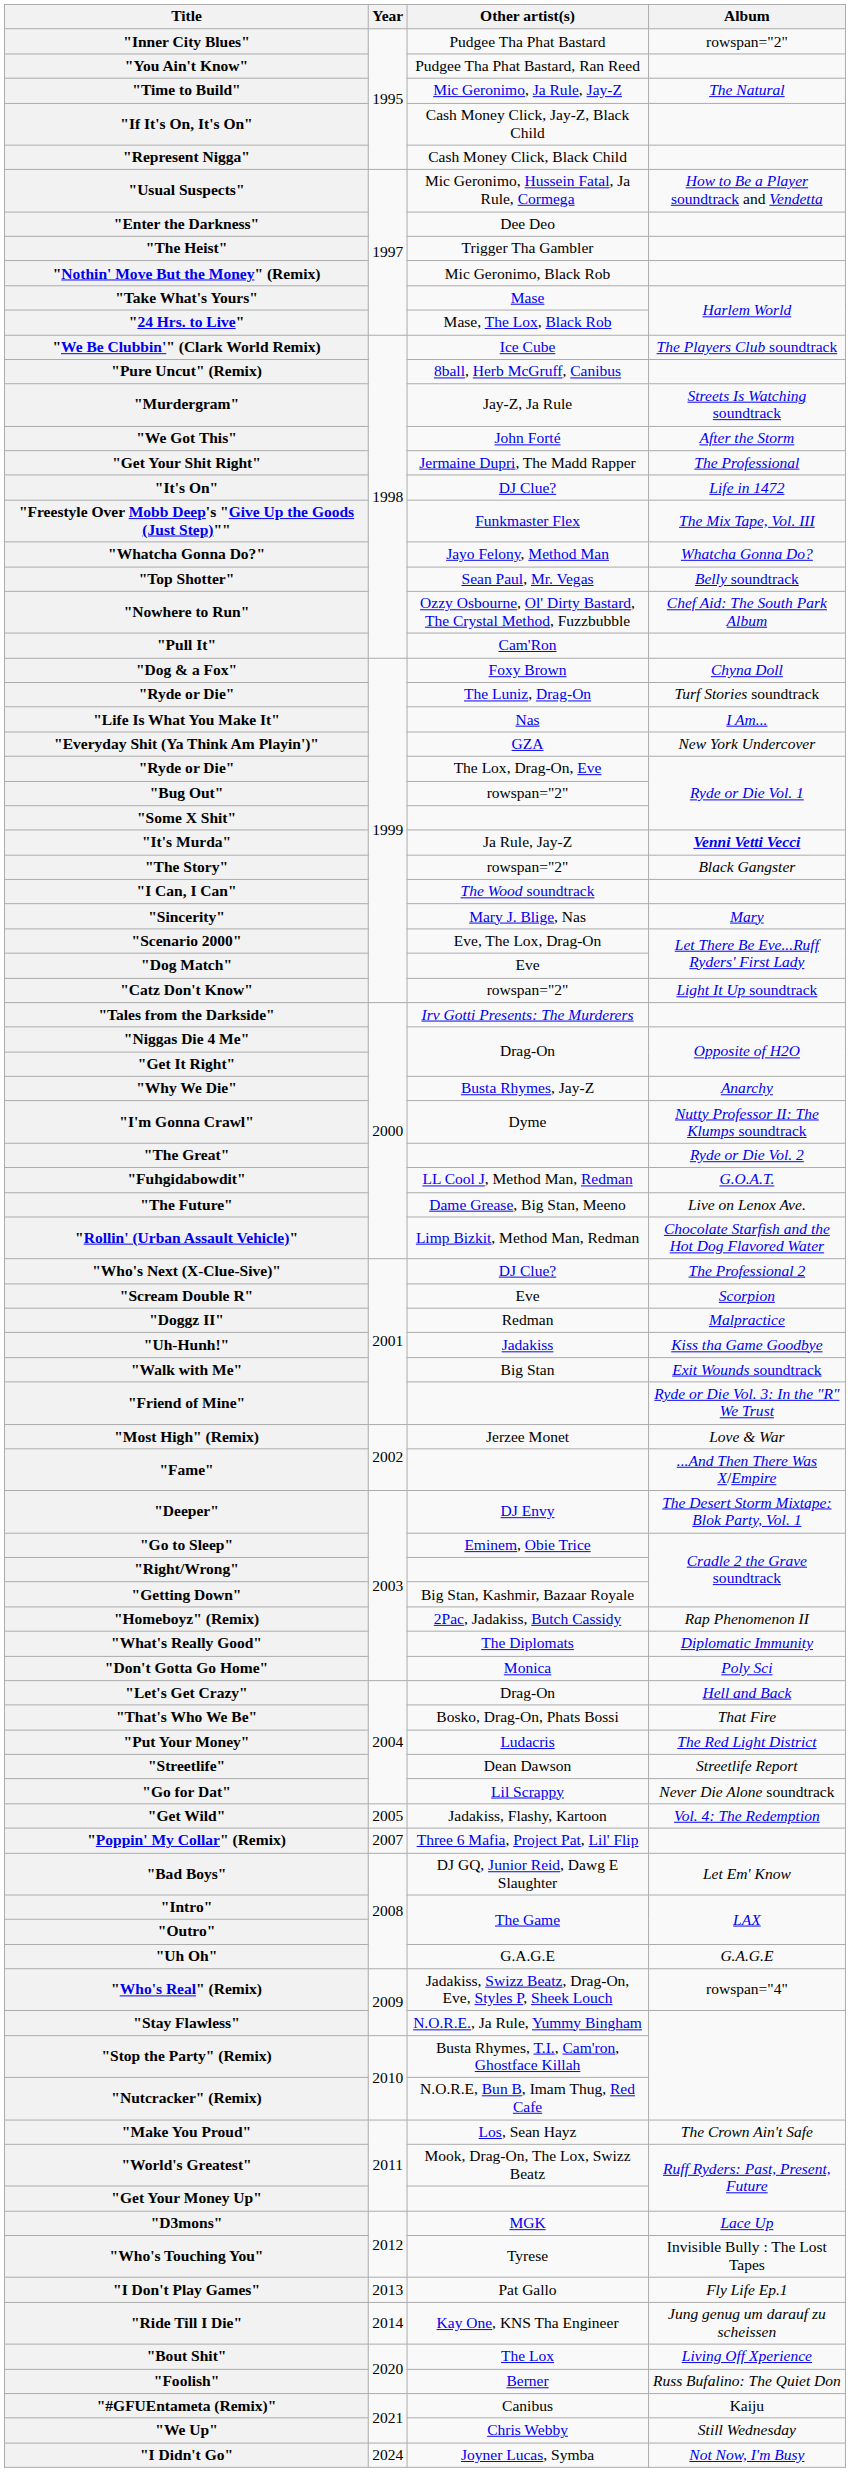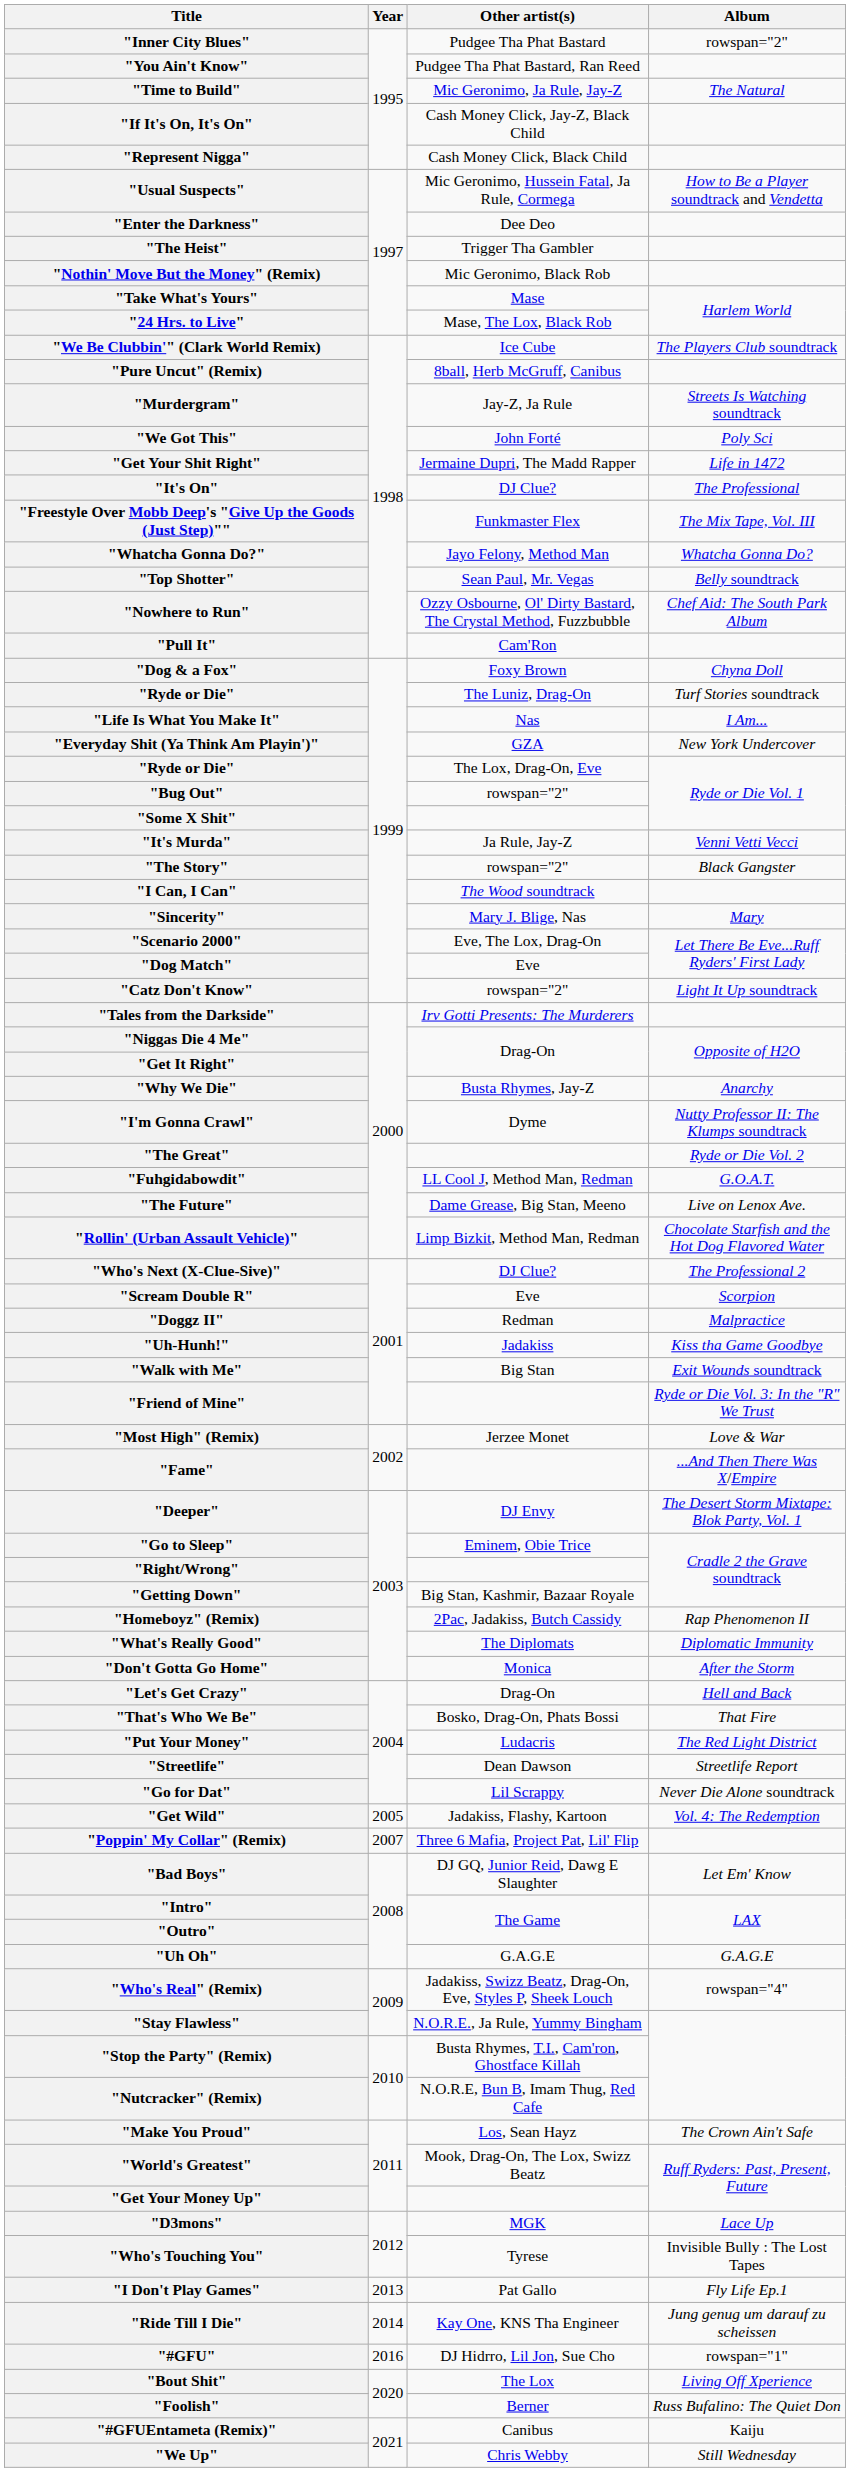 <table class="wikitable plainrowheaders" style="text-align:center;">
 <tr>
 <th scope="col" style="width:23em;">Title</th>
 <th scope="col">Year</th>
 <th scope="col">Other artist(s)</th>
 <th scope="col">Album</th>
 </tr>
 <tr>
 <th scope="row">"Inner City Blues"</th>
 <td rowspan="5">1995</td>
 <td>Pudgee Tha Phat Bastard</td>
 <td>rowspan="2" </td>
 </tr>
 <tr>
 <th scope="row">"You Ain't Know"</th>
 <td>Pudgee Tha Phat Bastard, Ran Reed</td>
 </tr>
 <tr>
 <th scope="row">"Time to Build"</th>
 <td><a href='#'>Mic Geronimo</a>, <a href='#'>Ja Rule</a>, <a href='#'>Jay-Z</a></td>
 <td><em><a href='#'>The Natural</a></em></td>
 </tr>
 <tr>
 <th scope="row">"If It's On, It's On"</th>
 <td>Cash Money Click, Jay-Z, Black Child</td>
 <td></td>
 </tr>
 <tr>
 <th scope="row">"Represent Nigga"</th>
 <td>Cash Money Click, Black Child</td>
 <td></td>
 </tr>
 <tr>
 <th scope="row">"Usual Suspects"</th>
 <td rowspan="6">1997</td>
 <td>Mic Geronimo, <a href='#'>Hussein Fatal</a>, Ja Rule, <a href='#'>Cormega</a></td>
 <td><a href='#'><em>How to Be a Player</em> soundtrack</a> and <em><a href='#'>Vendetta</a></em></td>
 </tr>
 <tr>
 <th scope="row">"Enter the Darkness"</th>
 <td>Dee Deo</td>
 <td></td>
 </tr>
 <tr>
 <th scope="row">"The Heist"</th>
 <td>Trigger Tha Gambler</td>
 <td></td>
 </tr>
 <tr>
 <th scope="row">"<a href='#'>Nothin' Move But the Money</a>" (Remix)</th>
 <td>Mic Geronimo, Black Rob</td>
 <td></td>
 </tr>
 <tr>
 <th scope="row">"Take What's Yours"</th>
 <td><a href='#'>Mase</a></td>
 <td rowspan="2"><em><a href='#'>Harlem World</a></em></td>
 </tr>
 <tr>
 <th scope="row">"<a href='#'>24 Hrs. to Live</a>"</th>
 <td>Mase, <a href='#'>The Lox</a>, <a href='#'>Black Rob</a></td>
 </tr>
 <tr>
 <th scope="row">"<a href='#'>We Be Clubbin'</a>" (Clark World Remix)</th>
 <td rowspan="11">1998</td>
 <td><a href='#'>Ice Cube</a></td>
 <td><a href='#'><em>The Players Club</em> soundtrack</a></td>
 </tr>
 <tr>
 <th scope="row">"Pure Uncut" (Remix)</th>
 <td><a href='#'>8ball</a>, <a href='#'>Herb McGruff</a>, <a href='#'>Canibus</a></td>
 <td></td>
 </tr>
 <tr>
 <th scope="row">"Murdergram"</th>
 <td>Jay-Z, Ja Rule</td>
 <td><a href='#'><em>Streets Is Watching</em> soundtrack</a></td>
 </tr>
 <tr>
 <th scope="row">"We Got This"</th>
 <td><a href='#'>John Forté</a></td>
-<td><em><a href='#'>After the Storm</a></em></td>
+<td><em><a href='#'>Poly Sci</a></em></td>
 </tr>
 <tr>
 <th scope="row">"Get Your Shit Right"</th>
 <td><a href='#'>Jermaine Dupri</a>, The Madd Rapper</td>
-<td><em><a href='#'>The Professional</a></em></td>
+<td><em><a href='#'>Life in 1472</a></em></td>
 </tr>
 <tr>
 <th scope="row">"It's On"</th>
 <td><a href='#'>DJ Clue?</a></td>
-<td><em><a href='#'>Life in 1472</a></em></td>
+<td><em><a href='#'>The Professional</a></em></td>
 </tr>
 <tr>
 <th scope="row">"Freestyle Over <a href='#'>Mobb Deep</a>'s "<a href='#'>Give Up the Goods (Just Step)</a>""</th>
 <td><a href='#'>Funkmaster Flex</a></td>
 <td><em><a href='#'>The Mix Tape, Vol. III</a></em></td>
 </tr>
 <tr>
 <th scope="row">"Whatcha Gonna Do?"</th>
 <td><a href='#'>Jayo Felony</a>, <a href='#'>Method Man</a></td>
 <td><em><a href='#'>Whatcha Gonna Do?</a></em></td>
 </tr>
 <tr>
 <th scope="row">"Top Shotter"</th>
 <td><a href='#'>Sean Paul</a>, <a href='#'>Mr. Vegas</a></td>
 <td><a href='#'><em>Belly</em> soundtrack</a></td>
 </tr>
 <tr>
 <th scope="row">"Nowhere to Run"</th>
 <td><a href='#'>Ozzy Osbourne</a>, <a href='#'>Ol' Dirty Bastard</a>, <a href='#'>The Crystal Method</a>, Fuzzbubble</td>
 <td><em><a href='#'>Chef Aid: The South Park Album</a></em></td>
 </tr>
 <tr>
 <th scope="row">"Pull It"</th>
 <td><a href='#'>Cam'Ron</a></td>
 <td></td>
 </tr>
 <tr>
 <th scope="row">"Dog & a Fox"</th>
 <td rowspan="14">1999</td>
 <td><a href='#'>Foxy Brown</a></td>
 <td><em><a href='#'>Chyna Doll</a></em></td>
 </tr>
 <tr>
 <th scope="row">"Ryde or Die"</th>
 <td><a href='#'>The Luniz</a>, <a href='#'>Drag-On</a></td>
 <td><em>Turf Stories</em> soundtrack</td>
 </tr>
 <tr>
 <th scope="row">"Life Is What You Make It"</th>
 <td><a href='#'>Nas</a></td>
 <td><em><a href='#'>I Am...</a></em></td>
 </tr>
 <tr>
 <th scope="row">"Everyday Shit (Ya Think Am Playin')"</th>
 <td><a href='#'>GZA</a></td>
 <td><em>New York Undercover</em></td>
 </tr>
 <tr>
 <th scope="row">"Ryde or Die"</th>
 <td>The Lox, Drag-On, <a href='#'>Eve</a></td>
 <td rowspan="3"><em><a href='#'>Ryde or Die Vol. 1</a></em></td>
 </tr>
 <tr>
 <th scope="row">"Bug Out"</th>
 <td>rowspan="2" </td>
 </tr>
 <tr>
 <th scope="row">"Some X Shit"</th>
 </tr>
 <tr>
 <th scope="row">"It's Murda"</th>
 <td>Ja Rule, Jay-Z</td>
-<td><strong><em><a href='#'>Venni Vetti Vecci</a></em></strong></td>
+<td><em><a href='#'>Venni Vetti Vecci</a></em></td>
 </tr>
 <tr>
 <th scope="row">"The Story"</th>
 <td>rowspan="2" </td>
 <td><em>Black Gangster</em></td>
 </tr>
 <tr>
 <th scope="row">"I Can, I Can"</th>
 <td><a href='#'><em>The Wood</em> soundtrack</a></td>
 </tr>
 <tr>
 <th scope="row">"Sincerity"</th>
 <td><a href='#'>Mary J. Blige</a>, Nas</td>
 <td><em><a href='#'>Mary</a></em></td>
 </tr>
 <tr>
 <th scope="row">"Scenario 2000"</th>
 <td>Eve, The Lox, Drag-On</td>
 <td rowspan="2"><em><a href='#'>Let There Be Eve...Ruff Ryders' First Lady</a></em></td>
 </tr>
 <tr>
 <th scope="row">"Dog Match"</th>
 <td>Eve</td>
 </tr>
 <tr>
 <th scope="row">"Catz Don't Know"</th>
 <td>rowspan="2" </td>
 <td><a href='#'><em>Light It Up</em> soundtrack</a></td>
 </tr>
 <tr>
 <th scope="row">"Tales from the Darkside"</th>
 <td rowspan="9">2000</td>
 <td><em><a href='#'>Irv Gotti Presents: The Murderers</a></em></td>
 </tr>
 <tr>
 <th scope="row">"Niggas Die 4 Me"</th>
 <td rowspan="2">Drag-On</td>
 <td rowspan="2"><em><a href='#'>Opposite of H2O</a></em></td>
 </tr>
 <tr>
 <th scope="row">"Get It Right"</th>
 </tr>
 <tr>
 <th scope="row">"Why We Die"</th>
 <td><a href='#'>Busta Rhymes</a>, Jay-Z</td>
 <td><em><a href='#'>Anarchy</a></em></td>
 </tr>
 <tr>
 <th scope="row">"I'm Gonna Crawl"</th>
 <td>Dyme</td>
 <td><a href='#'><em>Nutty Professor II: The Klumps</em> soundtrack</a></td>
 </tr>
 <tr>
 <th scope="row">"The Great"</th>
 <td></td>
 <td><em><a href='#'>Ryde or Die Vol. 2</a></em></td>
 </tr>
 <tr>
 <th scope="row">"Fuhgidabowdit"</th>
 <td><a href='#'>LL Cool J</a>, Method Man, <a href='#'>Redman</a></td>
 <td><em><a href='#'>G.O.A.T.</a></em></td>
 </tr>
 <tr>
 <th scope="row">"The Future"</th>
 <td><a href='#'>Dame Grease</a>, Big Stan, Meeno</td>
 <td><em>Live on Lenox Ave.</em></td>
 </tr>
 <tr>
 <th scope="row">"<a href='#'>Rollin' (Urban Assault Vehicle)</a>"</th>
 <td><a href='#'>Limp Bizkit</a>, Method Man, Redman</td>
 <td><em><a href='#'>Chocolate Starfish and the Hot Dog Flavored Water</a></em></td>
 </tr>
 <tr>
 <th scope="row">"Who's Next (X-Clue-Sive)"</th>
 <td rowspan="6">2001</td>
 <td><a href='#'>DJ Clue?</a></td>
 <td><em><a href='#'>The Professional 2</a></em></td>
 </tr>
 <tr>
 <th scope="row">"Scream Double R"</th>
 <td>Eve</td>
 <td><em><a href='#'>Scorpion</a></em></td>
 </tr>
 <tr>
 <th scope="row">"Doggz II"</th>
 <td>Redman</td>
 <td><em><a href='#'>Malpractice</a></em></td>
 </tr>
 <tr>
 <th scope="row">"Uh-Hunh!"</th>
 <td><a href='#'>Jadakiss</a></td>
 <td><em><a href='#'>Kiss tha Game Goodbye</a></em></td>
 </tr>
 <tr>
 <th scope="row">"Walk with Me"</th>
 <td>Big Stan</td>
 <td><a href='#'><em>Exit Wounds</em> soundtrack</a></td>
 </tr>
 <tr>
 <th scope="row">"Friend of Mine"</th>
 <td></td>
 <td><em><a href='#'>Ryde or Die Vol. 3: In the "R" We Trust</a></em></td>
 </tr>
 <tr>
 <th scope="row">"Most High" (Remix)</th>
 <td rowspan="2">2002</td>
 <td>Jerzee Monet</td>
 <td><em>Love & War</em></td>
 </tr>
 <tr>
 <th scope="row">"Fame"</th>
 <td></td>
 <td><em><a href='#'>...And Then There Was X</a></em>/<em><a href='#'>Empire</a></em></td>
 </tr>
 <tr>
 <th scope="row">"Deeper"</th>
 <td rowspan="7">2003</td>
 <td><a href='#'>DJ Envy</a></td>
 <td><em><a href='#'>The Desert Storm Mixtape: Blok Party, Vol. 1</a></em></td>
 </tr>
 <tr>
 <th scope="row">"Go to Sleep"</th>
 <td><a href='#'>Eminem</a>, <a href='#'>Obie Trice</a></td>
 <td rowspan="3"><a href='#'><em>Cradle 2 the Grave</em> soundtrack</a></td>
 </tr>
 <tr>
 <th scope="row">"Right/Wrong"</th>
 <td></td>
 </tr>
 <tr>
 <th scope="row">"Getting Down"</th>
 <td>Big Stan, Kashmir, Bazaar Royale</td>
 </tr>
 <tr>
 <th scope="row">"Homeboyz" (Remix)</th>
 <td><a href='#'>2Pac</a>, Jadakiss, <a href='#'>Butch Cassidy</a></td>
 <td><em>Rap Phenomenon II</em></td>
 </tr>
 <tr>
 <th scope="row">"What's Really Good"</th>
 <td><a href='#'>The Diplomats</a></td>
 <td><em><a href='#'>Diplomatic Immunity</a></em></td>
 </tr>
 <tr>
 <th scope="row">"Don't Gotta Go Home"</th>
 <td><a href='#'>Monica</a></td>
-<td><em><a href='#'>Poly Sci</a></em></td>
+<td><em><a href='#'>After the Storm</a></em></td>
 </tr>
 <tr>
 <th scope="row">"Let's Get Crazy"</th>
 <td rowspan="5">2004</td>
 <td>Drag-On</td>
 <td><em><a href='#'>Hell and Back</a></em></td>
 </tr>
 <tr>
 <th scope="row">"That's Who We Be"</th>
 <td>Bosko, Drag-On, Phats Bossi</td>
 <td><em>That Fire</em></td>
 </tr>
 <tr>
 <th scope="row">"Put Your Money"</th>
 <td><a href='#'>Ludacris</a></td>
 <td><em><a href='#'>The Red Light District</a></em></td>
 </tr>
 <tr>
 <th scope="row">"Streetlife"</th>
 <td>Dean Dawson</td>
 <td><em>Streetlife Report</em></td>
 </tr>
 <tr>
 <th scope="row">"Go for Dat"</th>
 <td><a href='#'>Lil Scrappy</a></td>
 <td><em>Never Die Alone</em> soundtrack</td>
 </tr>
 <tr>
 <th scope="row">"Get Wild"</th>
 <td>2005</td>
 <td>Jadakiss, Flashy, Kartoon</td>
 <td><em><a href='#'>Vol. 4: The Redemption</a></em></td>
 </tr>
 <tr>
 <th scope="row">"<a href='#'>Poppin' My Collar</a>" (Remix)</th>
 <td>2007</td>
 <td><a href='#'>Three 6 Mafia</a>, <a href='#'>Project Pat</a>, <a href='#'>Lil' Flip</a></td>
 <td></td>
 </tr>
 <tr>
 <th scope="row">"Bad Boys"</th>
 <td rowspan="4">2008</td>
 <td>DJ GQ, <a href='#'>Junior Reid</a>, Dawg E Slaughter</td>
 <td><em>Let Em' Know</em></td>
 </tr>
 <tr>
 <th scope="row">"Intro"</th>
 <td rowspan="2"><a href='#'>The Game</a></td>
 <td rowspan="2"><em><a href='#'>LAX</a></em></td>
 </tr>
 <tr>
 <th scope="row">"Outro"</th>
 </tr>
 <tr>
 <th scope="row">"Uh Oh"</th>
 <td>G.A.G.E</td>
 <td><em>G.A.G.E</em></td>
 </tr>
 <tr>
 <th scope="row">"<a href='#'>Who's Real</a>" (Remix)</th>
 <td rowspan="2">2009</td>
 <td>Jadakiss, <a href='#'>Swizz Beatz</a>, Drag-On, Eve, <a href='#'>Styles P</a>, <a href='#'>Sheek Louch</a></td>
 <td>rowspan="4" </td>
 </tr>
 <tr>
 <th scope="row">"Stay Flawless"</th>
 <td><a href='#'>N.O.R.E.</a>, Ja Rule, <a href='#'>Yummy Bingham</a></td>
 </tr>
 <tr>
 <th scope="row">"Stop the Party" (Remix)</th>
 <td rowspan="2">2010</td>
 <td>Busta Rhymes, <a href='#'>T.I.</a>, <a href='#'>Cam'ron</a>, <a href='#'>Ghostface Killah</a></td>
 </tr>
 <tr>
 <th scope="row">"Nutcracker" (Remix)</th>
 <td>N.O.R.E, <a href='#'>Bun B</a>, Imam Thug, <a href='#'>Red Cafe</a></td>
 </tr>
 <tr>
 <th scope="row">"Make You Proud"</th>
 <td rowspan="3">2011</td>
 <td><a href='#'>Los</a>, Sean Hayz</td>
 <td><em>The Crown Ain't Safe</em></td>
 </tr>
 <tr>
 <th scope="row">"World's Greatest"</th>
 <td>Mook, Drag-On, The Lox, Swizz Beatz</td>
 <td rowspan="2"><em><a href='#'>Ruff Ryders: Past, Present, Future</a></em></td>
 </tr>
 <tr>
 <th scope="row">"Get Your Money Up"</th>
 <td></td>
 </tr>
 <tr>
 <th scope="row">"D3mons"</th>
 <td rowspan="2">2012</td>
 <td><a href='#'>MGK</a></td>
 <td><em><a href='#'>Lace Up</a></em></td>
 </tr>
 <tr>
 <th scope="row">"Who's Touching You"</th>
 <td>Tyrese</td>
 <td>Invisible Bully : The Lost Tapes</td>
 </tr>
 <tr>
 <th scope="row">"I Don't Play Games"</th>
 <td>2013</td>
 <td>Pat Gallo</td>
 <td><em>Fly Life Ep.1</em></td>
 </tr>
 <tr>
 <th scope="row">"Ride Till I Die"</th>
 <td>2014</td>
 <td><a href='#'>Kay One</a>, KNS Tha Engineer</td>
 <td><em>Jung genug um darauf zu scheissen</em></td>
 </tr>
 <tr>
+<th scope="row">"#GFU"</th>
+<td>2016</td>
+<td>DJ Hidrro, <a href='#'>Lil Jon</a>, Sue Cho</td>
+<td>rowspan="1" </td>
+</tr>
+<tr>
 <th scope="row">"Bout Shit"</th>
 <td rowspan="2">2020</td>
 <td><a href='#'>The Lox</a></td>
 <td><em><a href='#'>Living Off Xperience</a></em></td>
 </tr>
 <tr>
 <th scope="row">"Foolish"</th>
 <td><a href='#'>Berner</a></td>
 <td><em>Russ Bufalino: The Quiet Don</em></td>
 </tr>
 <tr>
 <th scope="row">"#GFUEntameta (Remix)"</th>
 <td rowspan="2">2021</td>
 <td>Canibus</td>
 <td>Kaiju</td>
 </tr>
 <tr>
 <th scope="row">"We Up"</th>
 <td><a href='#'>Chris Webby</a></td>
 <td><em>Still Wednesday</em></td>
 </tr>
-<tr>
-<th scope="row">"I Didn't Go"</th>
-<td>2024</td>
-<td><a href='#'>Joyner Lucas</a>, Symba</td>
-<td><em><a href='#'>Not Now, I'm Busy</a></em></td>
-</tr>
 </table>
